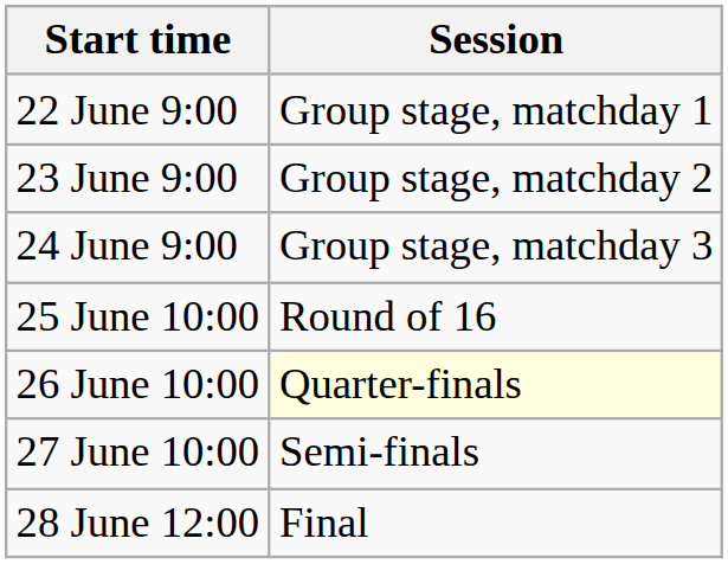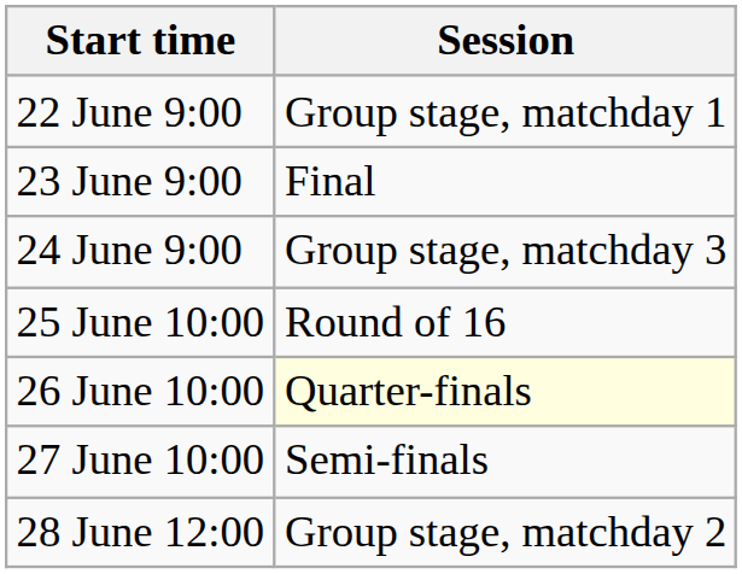 <table class="wikitable">
 <tr>
 <th>Start time</th>
 <th>Session</th>
 </tr>
 <tr>
 <td>22 June 9:00</td>
 <td>Group stage, matchday 1</td>
 </tr>
 <tr>
 <td>23 June 9:00</td>
-<td>Group stage, matchday 2</td>
+<td>Final</td>
 </tr>
 <tr>
 <td>24 June 9:00</td>
 <td>Group stage, matchday 3</td>
 </tr>
 <tr>
 <td>25 June 10:00</td>
 <td>Round of 16</td>
 </tr>
 <tr>
 <td>26 June 10:00</td>
 <td style="background: lightyellow;">Quarter-finals</td>
 </tr>
 <tr>
 <td>27 June 10:00</td>
 <td>Semi-finals</td>
 </tr>
 <tr>
 <td>28 June 12:00</td>
-<td>Final</td>
+<td>Group stage, matchday 2</td>
 </tr>
 </table>
